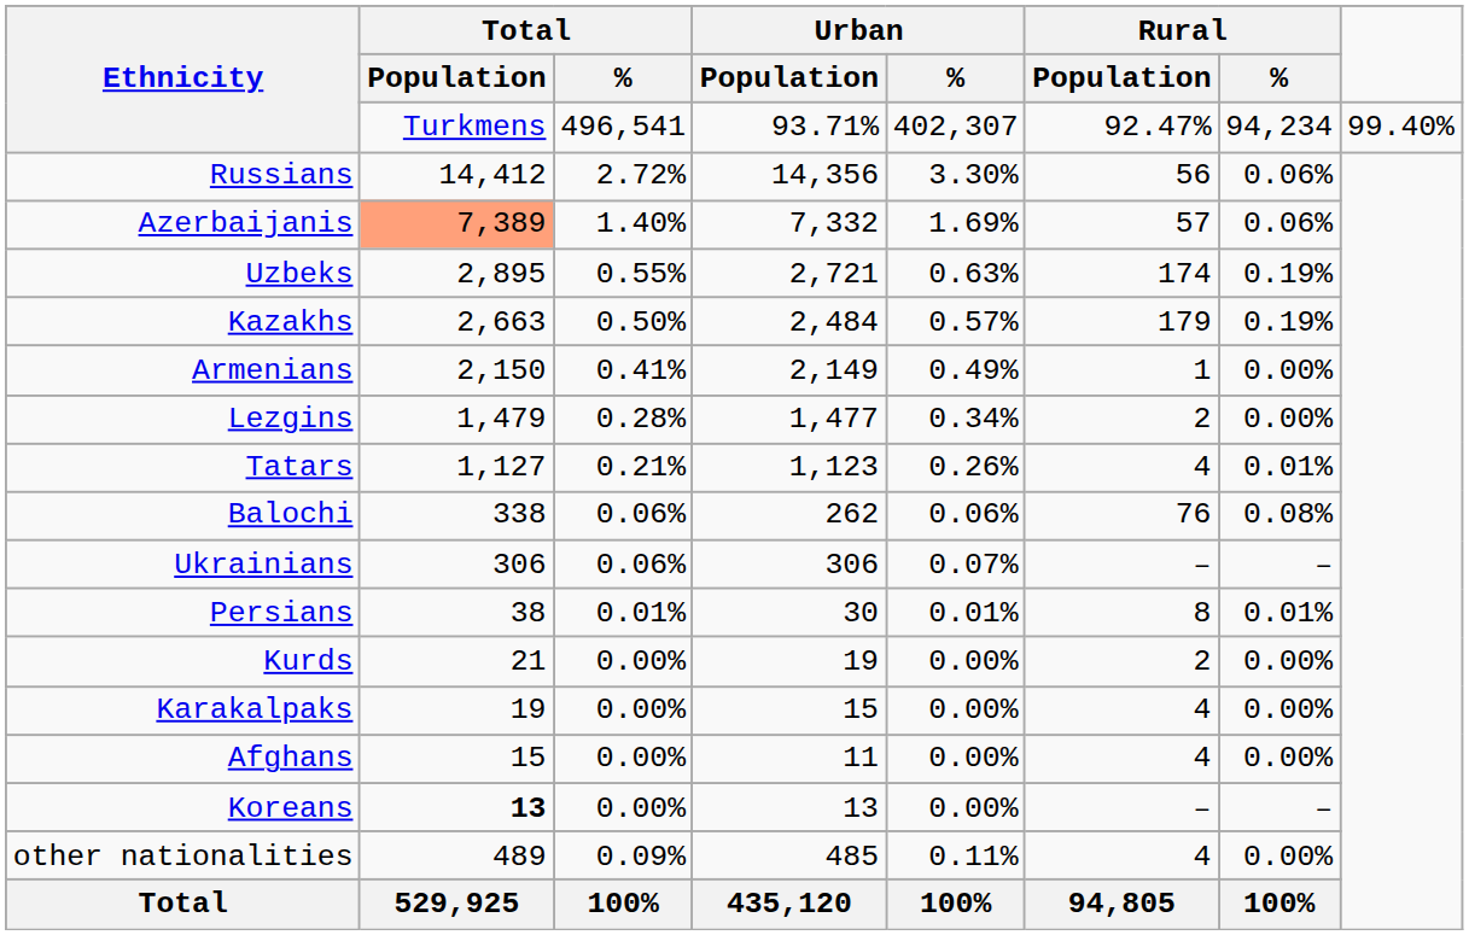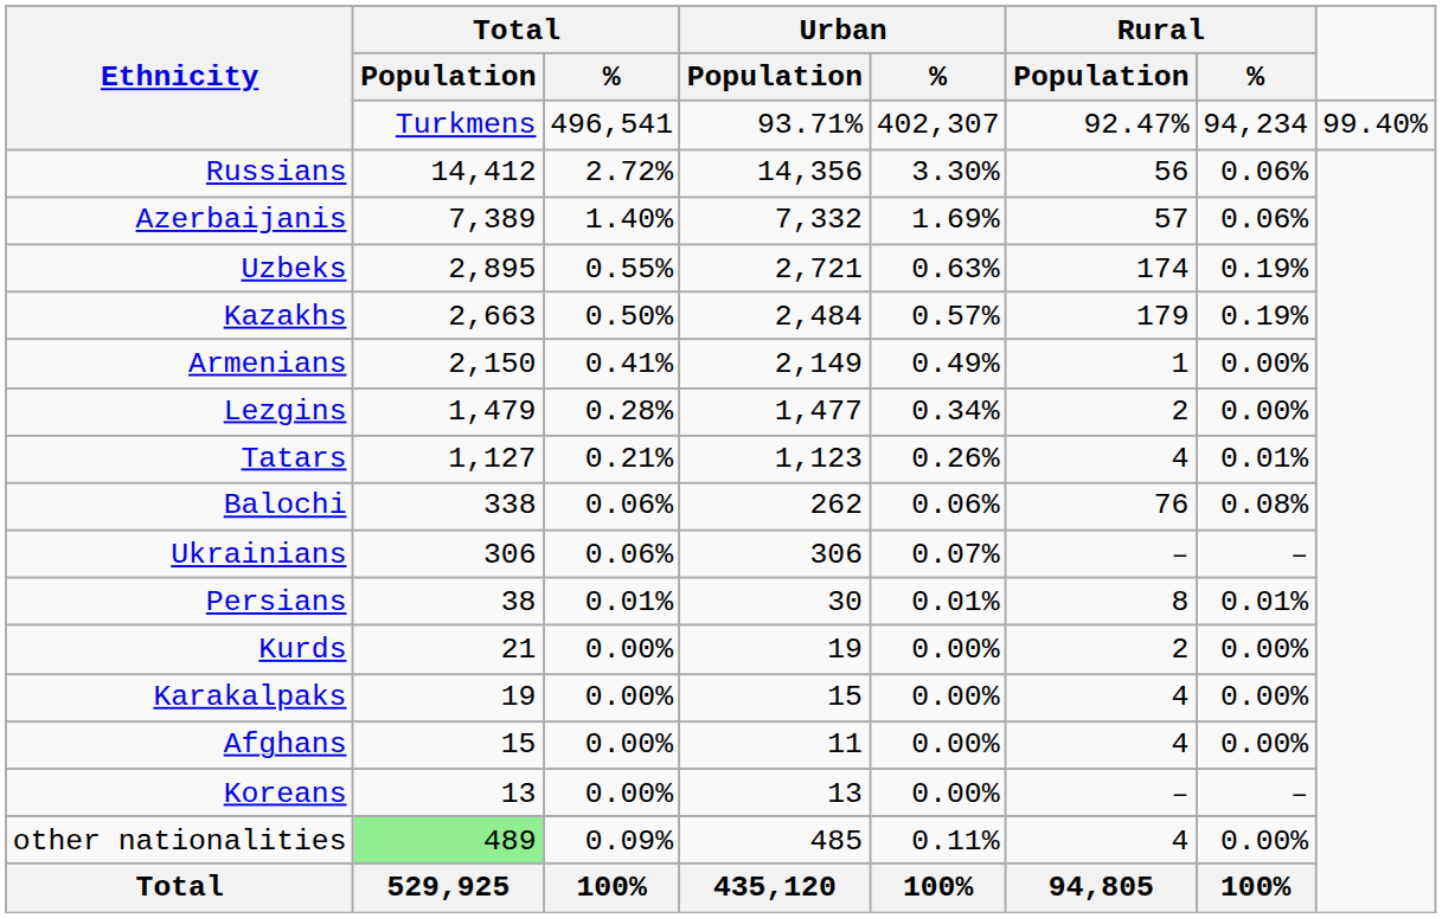 <table class="wikitable sortable" style="text-align:right">
 <tr>
 <th rowspan="3"><a href='#'>Ethnicity</a></th>
 <th colspan="2">Total</th>
 <th colspan="2">Urban</th>
 <th colspan="2">Rural</th>
 </tr>
 <tr>
 <th>Population</th>
 <th>%</th>
 <th>Population</th>
 <th>%</th>
 <th>Population</th>
 <th>%</th>
 </tr>
 <tr>
 <td><a href='#'>Turkmens</a></td>
 <td>496,541</td>
 <td>93.71%</td>
 <td>402,307</td>
 <td>92.47%</td>
 <td>94,234</td>
 <td>99.40%</td>
 </tr>
 <tr>
 <td><a href='#'>Russians</a></td>
 <td>14,412</td>
 <td>2.72%</td>
 <td>14,356</td>
 <td>3.30%</td>
 <td>56</td>
 <td>0.06%</td>
 </tr>
 <tr>
 <td><a href='#'>Azerbaijanis</a></td>
-<td style="background: lightsalmon;">7,389</td>
+<td>7,389</td>
 <td>1.40%</td>
 <td>7,332</td>
 <td>1.69%</td>
 <td>57</td>
 <td>0.06%</td>
 </tr>
 <tr>
 <td><a href='#'>Uzbeks</a></td>
 <td>2,895</td>
 <td>0.55%</td>
 <td>2,721</td>
 <td>0.63%</td>
 <td>174</td>
 <td>0.19%</td>
 </tr>
 <tr>
 <td><a href='#'>Kazakhs</a></td>
 <td>2,663</td>
 <td>0.50%</td>
 <td>2,484</td>
 <td>0.57%</td>
 <td>179</td>
 <td>0.19%</td>
 </tr>
 <tr>
 <td><a href='#'>Armenians</a></td>
 <td>2,150</td>
 <td>0.41%</td>
 <td>2,149</td>
 <td>0.49%</td>
 <td>1</td>
 <td>0.00%</td>
 </tr>
 <tr>
 <td><a href='#'>Lezgins</a></td>
 <td>1,479</td>
 <td>0.28%</td>
 <td>1,477</td>
 <td>0.34%</td>
 <td>2</td>
 <td>0.00%</td>
 </tr>
 <tr>
 <td><a href='#'>Tatars</a></td>
 <td>1,127</td>
 <td>0.21%</td>
 <td>1,123</td>
 <td>0.26%</td>
 <td>4</td>
 <td>0.01%</td>
 </tr>
 <tr>
 <td><a href='#'>Balochi</a></td>
 <td>338</td>
 <td>0.06%</td>
 <td>262</td>
 <td>0.06%</td>
 <td>76</td>
 <td>0.08%</td>
 </tr>
 <tr>
 <td><a href='#'>Ukrainians</a></td>
 <td>306</td>
 <td>0.06%</td>
 <td>306</td>
 <td>0.07%</td>
 <td>–</td>
 <td>–</td>
 </tr>
 <tr>
 <td><a href='#'>Persians</a></td>
 <td>38</td>
 <td>0.01%</td>
 <td>30</td>
 <td>0.01%</td>
 <td>8</td>
 <td>0.01%</td>
 </tr>
 <tr>
 <td><a href='#'>Kurds</a></td>
 <td>21</td>
 <td>0.00%</td>
 <td>19</td>
 <td>0.00%</td>
 <td>2</td>
 <td>0.00%</td>
 </tr>
 <tr>
 <td><a href='#'>Karakalpaks</a></td>
 <td>19</td>
 <td>0.00%</td>
 <td>15</td>
 <td>0.00%</td>
 <td>4</td>
 <td>0.00%</td>
 </tr>
 <tr>
 <td><a href='#'>Afghans</a></td>
 <td>15</td>
 <td>0.00%</td>
 <td>11</td>
 <td>0.00%</td>
 <td>4</td>
 <td>0.00%</td>
 </tr>
 <tr>
 <td><a href='#'>Koreans</a></td>
-<td><strong>13</strong></td>
+<td>13</td>
 <td>0.00%</td>
 <td>13</td>
 <td>0.00%</td>
 <td>–</td>
 <td>–</td>
 </tr>
 <tr>
 <td>other nationalities</td>
-<td>489</td>
+<td style="background: lightgreen;">489</td>
 <td>0.09%</td>
 <td>485</td>
 <td>0.11%</td>
 <td>4</td>
 <td>0.00%</td>
 </tr>
 <tr class="sortbottom">
 <th><strong>Total</strong></th>
 <th><strong>529,925</strong></th>
 <th><strong>100%</strong></th>
 <th><strong>435,120</strong></th>
 <th><strong>100%</strong></th>
 <th><strong>94,805</strong></th>
 <th><strong>100%</strong></th>
 </tr>
 </table>
